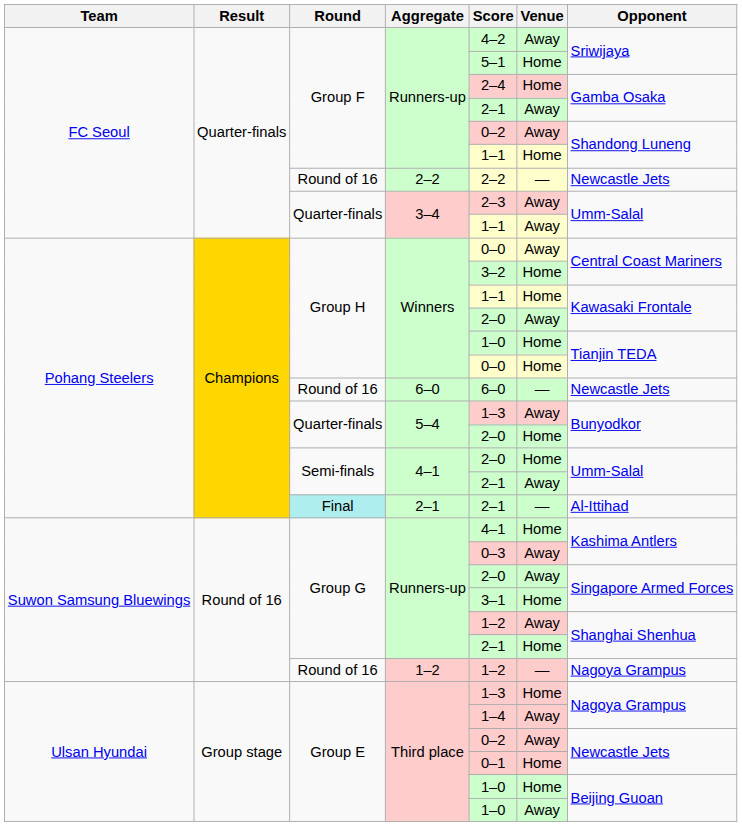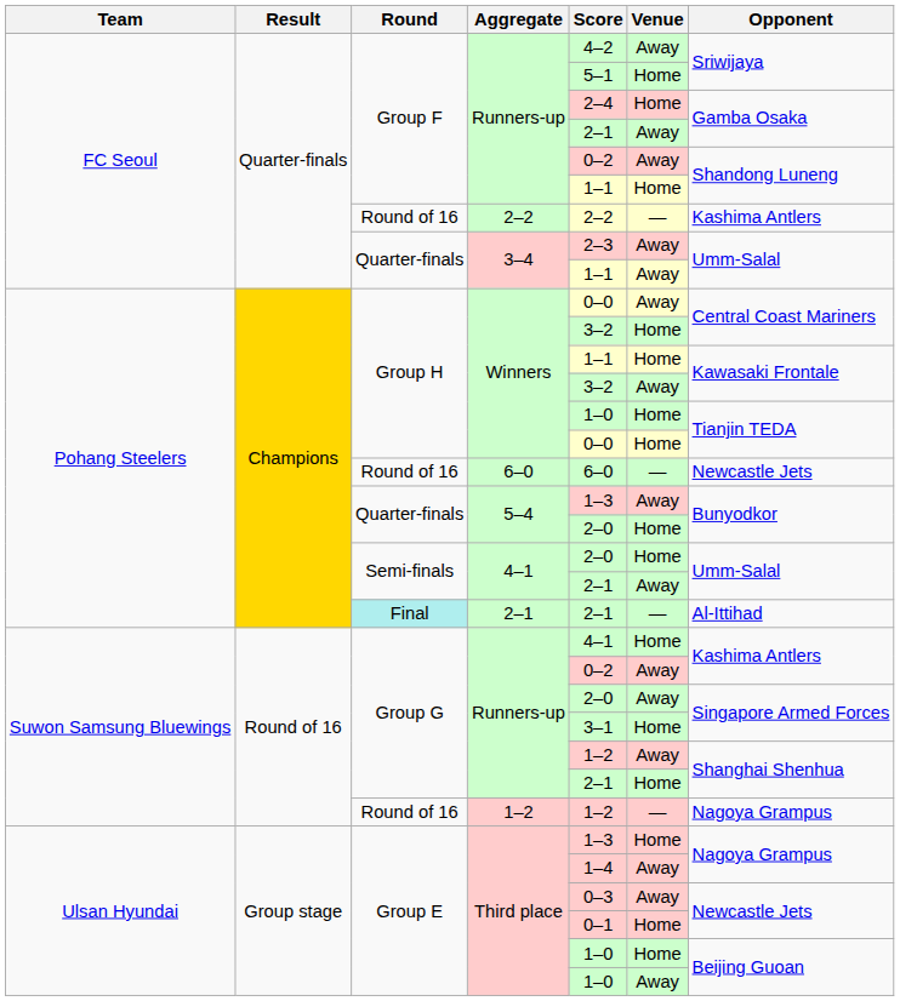 <table class="wikitable" style="text-align:center;">
 <tr>
 <th>Team</th>
 <th>Result</th>
 <th>Round</th>
 <th>Aggregate</th>
 <th>Score</th>
 <th>Venue</th>
 <th>Opponent</th>
 </tr>
 <tr>
 <td rowspan="9"><a href='#'>FC Seoul</a></td>
 <td rowspan="9">Quarter-finals</td>
 <td rowspan="6">Group F</td>
 <td rowspan="6" bgcolor="#cfc">Runners-up</td>
 <td bgcolor="#cfc">4–2</td>
 <td bgcolor="#cfc">Away</td>
 <td rowspan="2" align="left"> <a href='#'>Sriwijaya</a></td>
 </tr>
 <tr>
 <td bgcolor="#cfc">5–1</td>
 <td bgcolor="#cfc">Home</td>
 </tr>
 <tr>
 <td bgcolor="#fcc">2–4</td>
 <td bgcolor="#fcc">Home</td>
 <td rowspan="2" align="left"> <a href='#'>Gamba Osaka</a></td>
 </tr>
 <tr>
 <td bgcolor="#cfc">2–1</td>
 <td bgcolor="#cfc">Away</td>
 </tr>
 <tr>
 <td bgcolor="#fcc">0–2</td>
 <td bgcolor="#fcc">Away</td>
 <td rowspan="2" align="left"> <a href='#'>Shandong Luneng</a></td>
 </tr>
 <tr>
 <td bgcolor="#ffc">1–1</td>
 <td bgcolor="#ffc">Home</td>
 </tr>
 <tr>
 <td>Round of 16</td>
 <td bgcolor="#cfc">2–2 </td>
 <td bgcolor="#ffc">2–2 </td>
 <td bgcolor="#ffc">—</td>
-<td align="left"> <a href='#'>Newcastle Jets</a></td>
+<td align="left"> <a href='#'>Kashima Antlers</a></td>
 </tr>
 <tr>
 <td rowspan="2">Quarter-finals</td>
 <td rowspan="2" bgcolor="#fcc">3–4</td>
 <td bgcolor="#fcc">2–3</td>
 <td bgcolor="#fcc">Away</td>
 <td rowspan="2" align="left"> <a href='#'>Umm-Salal</a></td>
 </tr>
 <tr>
 <td bgcolor="#ffc">1–1</td>
 <td bgcolor="#ffc">Away</td>
 </tr>
 <tr>
 <td rowspan="12"><a href='#'>Pohang Steelers</a></td>
 <td rowspan="12" bgcolor="gold">Champions</td>
 <td rowspan="6">Group H</td>
 <td rowspan="6" bgcolor="#cfc">Winners</td>
 <td bgcolor="#ffc">0–0</td>
 <td bgcolor="#ffc">Away</td>
 <td rowspan="2" align="left"> <a href='#'>Central Coast Mariners</a></td>
 </tr>
 <tr>
 <td bgcolor="#cfc">3–2</td>
 <td bgcolor="#cfc">Home</td>
 </tr>
 <tr>
 <td bgcolor="#ffc">1–1</td>
 <td bgcolor="#ffc">Home</td>
 <td rowspan="2" align="left"> <a href='#'>Kawasaki Frontale</a></td>
 </tr>
 <tr>
-<td bgcolor="#cfc">2–0</td>
+<td bgcolor="#cfc">3–2</td>
 <td bgcolor="#cfc">Away</td>
 </tr>
 <tr>
 <td bgcolor="#cfc">1–0</td>
 <td bgcolor="#cfc">Home</td>
 <td rowspan="2" align="left"> <a href='#'>Tianjin TEDA</a></td>
 </tr>
 <tr>
 <td bgcolor="#ffc">0–0</td>
 <td bgcolor="#ffc">Home</td>
 </tr>
 <tr>
 <td>Round of 16</td>
 <td bgcolor="#cfc">6–0</td>
 <td bgcolor="#cfc">6–0</td>
 <td bgcolor="#cfc">—</td>
 <td align="left"> <a href='#'>Newcastle Jets</a></td>
 </tr>
 <tr>
 <td rowspan="2">Quarter-finals</td>
 <td rowspan="2" bgcolor="#cfc">5–4</td>
 <td bgcolor="#fcc">1–3</td>
 <td bgcolor="#fcc">Away</td>
 <td rowspan="2" align="left"> <a href='#'>Bunyodkor</a></td>
 </tr>
 <tr>
 <td bgcolor="#cfc">2–0</td>
 <td bgcolor="#cfc">Home</td>
 </tr>
 <tr>
 <td rowspan="2">Semi-finals</td>
 <td rowspan="2" bgcolor="#cfc">4–1</td>
 <td bgcolor="#cfc">2–0</td>
 <td bgcolor="#cfc">Home</td>
 <td rowspan="2" align="left"> <a href='#'>Umm-Salal</a></td>
 </tr>
 <tr>
 <td bgcolor="#cfc">2–1</td>
 <td bgcolor="#cfc">Away</td>
 </tr>
 <tr>
 <td style="background: paleturquoise;">Final</td>
 <td bgcolor="#cfc">2–1</td>
 <td bgcolor="#cfc">2–1</td>
 <td bgcolor="#cfc">—</td>
 <td align="left"> <a href='#'>Al-Ittihad</a></td>
 </tr>
 <tr>
 <td rowspan="7"><a href='#'>Suwon Samsung Bluewings</a></td>
 <td rowspan="7">Round of 16</td>
 <td rowspan="6">Group G</td>
 <td rowspan="6" bgcolor="#cfc">Runners-up</td>
 <td bgcolor="#cfc">4–1</td>
 <td bgcolor="#cfc">Home</td>
 <td rowspan="2" align="left"> <a href='#'>Kashima Antlers</a></td>
 </tr>
 <tr>
-<td bgcolor="#fcc">0–3</td>
+<td bgcolor="#fcc">0–2</td>
 <td bgcolor="#fcc">Away</td>
 </tr>
 <tr>
 <td bgcolor="#cfc">2–0</td>
 <td bgcolor="#cfc">Away</td>
 <td rowspan="2" align="left"> <a href='#'>Singapore Armed Forces</a></td>
 </tr>
 <tr>
 <td bgcolor="#cfc">3–1</td>
 <td bgcolor="#cfc">Home</td>
 </tr>
 <tr>
 <td bgcolor="#fcc">1–2</td>
 <td bgcolor="#fcc">Away</td>
 <td rowspan="2" align="left"> <a href='#'>Shanghai Shenhua</a></td>
 </tr>
 <tr>
 <td bgcolor="#cfc">2–1</td>
 <td bgcolor="#cfc">Home</td>
 </tr>
 <tr>
 <td>Round of 16</td>
 <td bgcolor="#fcc">1–2</td>
 <td bgcolor="#fcc">1–2</td>
 <td bgcolor="#fcc">—</td>
 <td align="left"> <a href='#'>Nagoya Grampus</a></td>
 </tr>
 <tr>
 <td rowspan="6"><a href='#'>Ulsan Hyundai</a></td>
 <td rowspan="6">Group stage</td>
 <td rowspan="6">Group E</td>
 <td rowspan="6" bgcolor="#fcc">Third place</td>
 <td bgcolor="#fcc">1–3</td>
 <td bgcolor="#fcc">Home</td>
 <td rowspan="2" align="left"> <a href='#'>Nagoya Grampus</a></td>
 </tr>
 <tr>
 <td bgcolor="#fcc">1–4</td>
 <td bgcolor="#fcc">Away</td>
 </tr>
 <tr>
-<td bgcolor="#fcc">0–2</td>
+<td bgcolor="#fcc">0–3</td>
 <td bgcolor="#fcc">Away</td>
 <td rowspan="2" align="left"> <a href='#'>Newcastle Jets</a></td>
 </tr>
 <tr>
 <td bgcolor="#fcc">0–1</td>
 <td bgcolor="#fcc">Home</td>
 </tr>
 <tr>
 <td bgcolor="#cfc">1–0</td>
 <td bgcolor="#cfc">Home</td>
 <td rowspan="2" align="left"> <a href='#'>Beijing Guoan</a></td>
 </tr>
 <tr>
 <td bgcolor="#cfc">1–0</td>
 <td bgcolor="#cfc">Away</td>
 </tr>
 </table>
